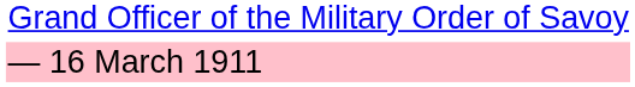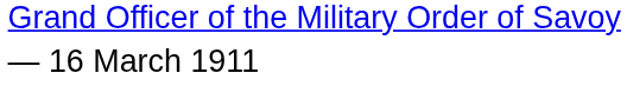 <table>
 <tr>
 <td rowspan=2 style="width:60px; vertical-align:top;"></td>
 <td><a href='#'>Grand Officer of the Military Order of Savoy</a></td>
 </tr>
 <tr>
-<td style="background: pink;">— 16 March 1911</td>
+<td>— 16 March 1911</td>
 </tr>
 </table>
